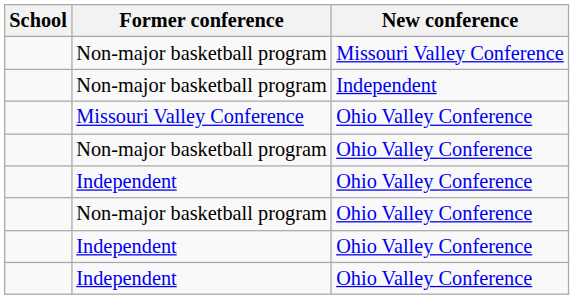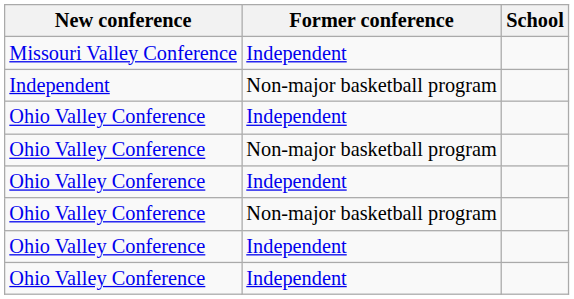 <table class="wikitable sortable">
 <tr>
+<th>New conference</th>
+<th>Former conference</th>
 <th>School</th>
-<th>Former conference</th>
-<th>New conference</th>
 </tr>
 <tr>
+<td><a href='#'>Missouri Valley Conference</a></td>
+<td><a href='#'>Independent</a></td>
 <td></td>
-<td>Non-major basketball program</td>
-<td><a href='#'>Missouri Valley Conference</a></td>
 </tr>
 <tr>
+<td><a href='#'>Independent</a></td>
+<td>Non-major basketball program</td>
 <td></td>
-<td>Non-major basketball program</td>
-<td><a href='#'>Independent</a></td>
 </tr>
 <tr>
+<td><a href='#'>Ohio Valley Conference</a></td>
+<td><a href='#'>Independent</a></td>
 <td></td>
-<td><a href='#'>Missouri Valley Conference</a></td>
-<td><a href='#'>Ohio Valley Conference</a></td>
 </tr>
 <tr>
+<td><a href='#'>Ohio Valley Conference</a></td>
+<td>Non-major basketball program</td>
 <td></td>
-<td>Non-major basketball program</td>
-<td><a href='#'>Ohio Valley Conference</a></td>
 </tr>
 <tr>
+<td><a href='#'>Ohio Valley Conference</a></td>
+<td><a href='#'>Independent</a></td>
 <td></td>
-<td><a href='#'>Independent</a></td>
-<td><a href='#'>Ohio Valley Conference</a></td>
 </tr>
 <tr>
+<td><a href='#'>Ohio Valley Conference</a></td>
+<td>Non-major basketball program</td>
 <td></td>
-<td>Non-major basketball program</td>
-<td><a href='#'>Ohio Valley Conference</a></td>
 </tr>
 <tr>
+<td><a href='#'>Ohio Valley Conference</a></td>
+<td><a href='#'>Independent</a></td>
 <td></td>
-<td><a href='#'>Independent</a></td>
-<td><a href='#'>Ohio Valley Conference</a></td>
 </tr>
 <tr>
+<td><a href='#'>Ohio Valley Conference</a></td>
+<td><a href='#'>Independent</a></td>
 <td></td>
-<td><a href='#'>Independent</a></td>
-<td><a href='#'>Ohio Valley Conference</a></td>
 </tr>
 </table>
